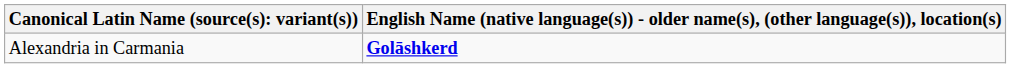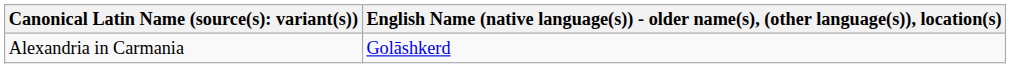 <table class="wikitable">
 <tr>
 <th>Canonical Latin Name (source(s): variant(s))</th>
 <th>English Name (native language(s)) - older name(s), (other language(s)), location(s)</th>
 </tr>
 <tr>
 <td>Alexandria in Carmania</td>
-<td><strong><a href='#'>Golāshkerd</a></strong></td>
+<td><a href='#'>Golāshkerd</a></td>
 </tr>
 </table>
